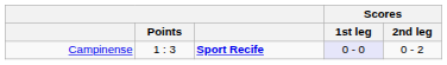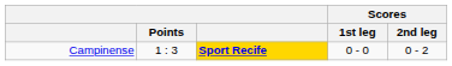 <table class="wikitable" style="text-align:center;">
 <tr>
 <th colspan=3></th>
 <th colspan=3>Scores</th>
 </tr>
 <tr>
 <th width="175"></th>
 <th width="75">Points</th>
 <th width="175"></th>
 <th width="75">1st leg</th>
 <th width="75">2nd leg</th>
 </tr>
 <tr>
 <td align=right><a href='#'>Campinense</a></td>
 <td>1 : 3</td>
-<td align=left><strong><a href='#'>Sport Recife</a></strong></td>
-<td style="background: lavender;">0 - 0</td>
+<td align=left style="background: gold;"><strong><a href='#'>Sport Recife</a></strong></td>
+<td>0 - 0</td>
 <td>0 - 2</td>
 </tr>
 </table>
